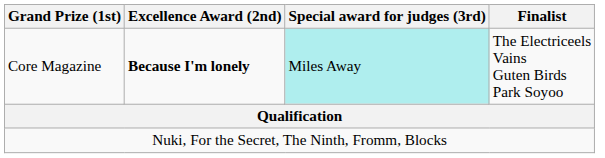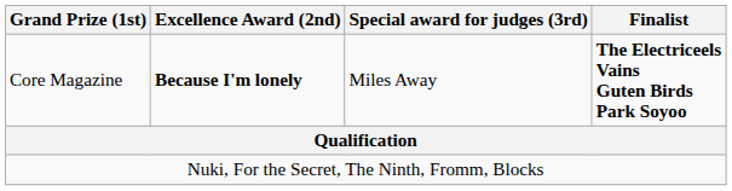 <table class="wikitable">
 <tr>
 <th scope="col">Grand Prize (1st)</th>
 <th scope="col">Excellence Award (2nd)</th>
 <th scope="col">Special award for judges (3rd)</th>
 <th scope="col">Finalist</th>
 </tr>
 <tr>
 <td scope="row">Core Magazine</td>
 <td scope="row"><strong>Because I'm lonely</strong></td>
-<td scope="row" style="background: paleturquoise;">Miles Away</td>
-<td scope="row">The Electriceels<br>Vains<br>Guten Birds<br>Park Soyoo</td>
+<td scope="row">Miles Away</td>
+<td scope="row"><strong>The Electriceels<br>Vains<br>Guten Birds<br>Park Soyoo</strong></td>
 </tr>
 <tr>
 <th colspan="4" align="center">Qualification</th>
 </tr>
 <tr>
 <td colspan="4" align="center">Nuki, For the Secret, The Ninth, Fromm, Blocks</td>
 </tr>
 </table>
